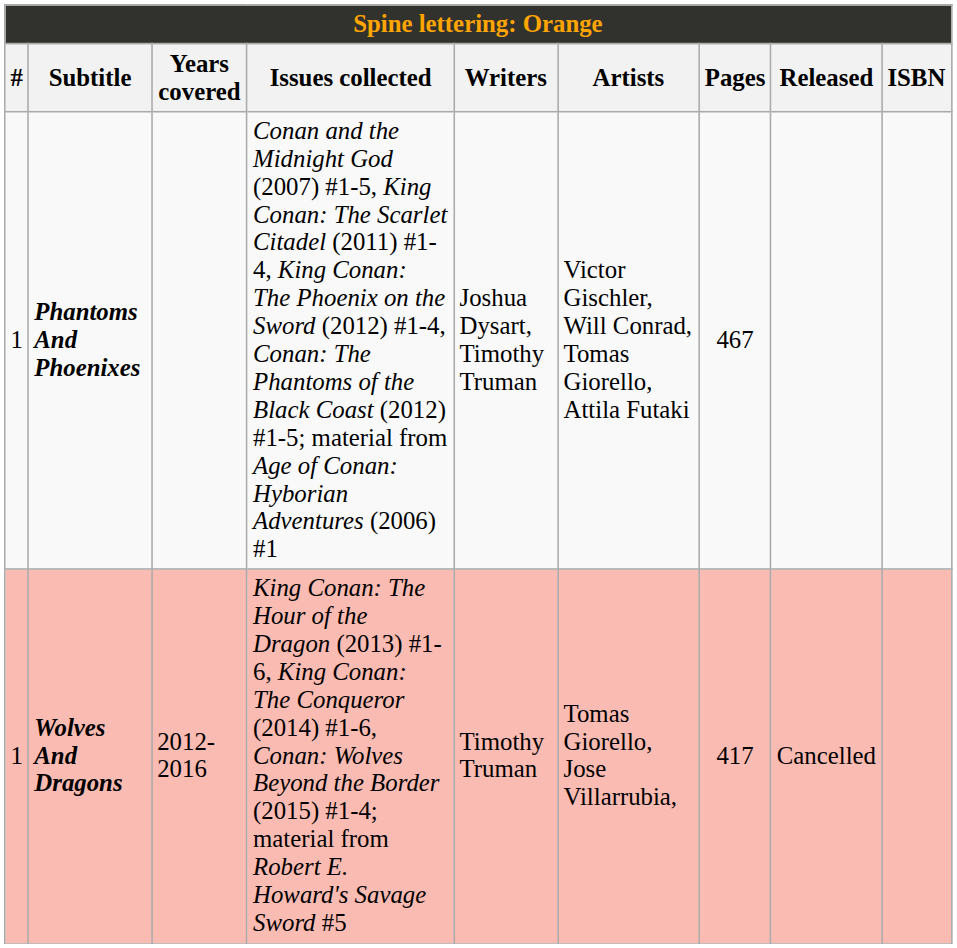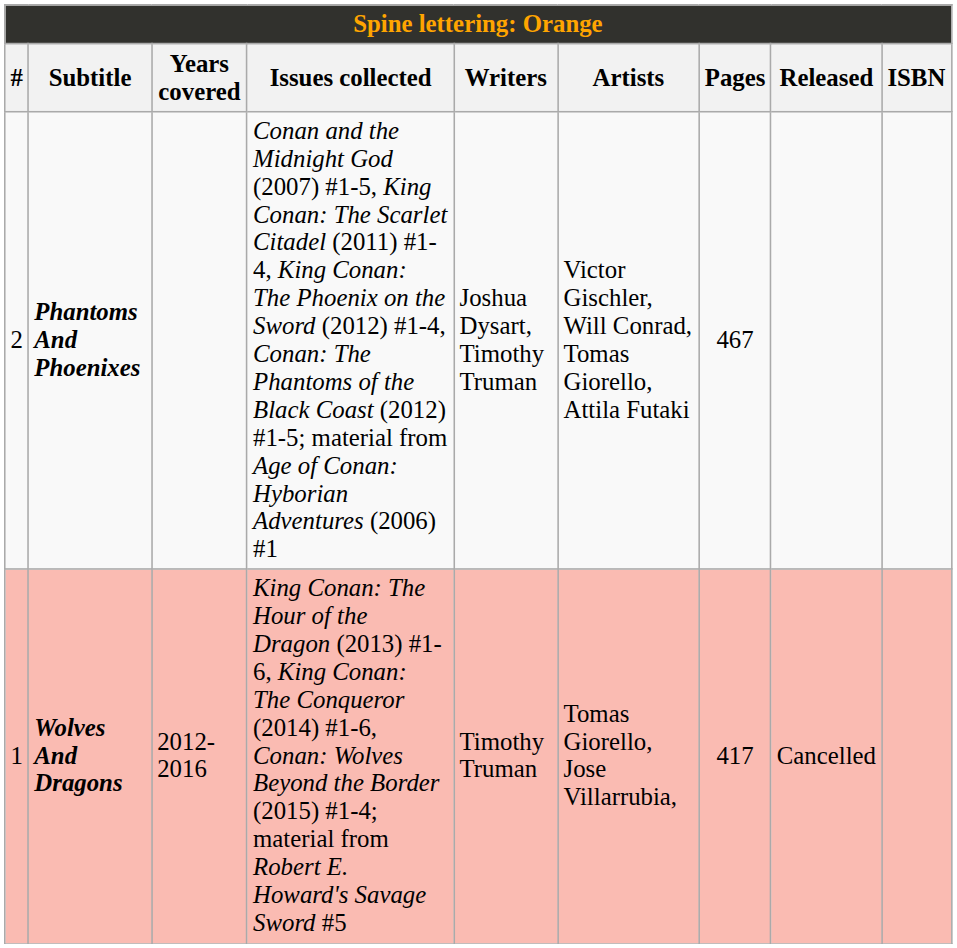 <table class="wikitable sortable" width=98%>
 <tr>
 <th colspan="9" style="background-color: #31312D; color: orange;">Spine lettering: Orange</th>
 </tr>
 <tr>
 <th class="unsortable">#</th>
 <th class="unsortable">Subtitle</th>
 <th>Years covered</th>
 <th class="unsortable">Issues collected</th>
 <th class="unsortable">Writers</th>
 <th class="unsortable">Artists</th>
 <th class="unsortable">Pages</th>
 <th>Released</th>
 <th class="unsortable">ISBN</th>
 </tr>
 <tr>
-<td>1</td>
+<td>2</td>
 <td><strong><em>Phantoms And Phoenixes</em></strong></td>
 <td></td>
 <td><em>Conan and the Midnight God</em> (2007) #1-5, <em>King Conan: The Scarlet Citadel</em> (2011) #1-4, <em>King Conan: The Phoenix on the Sword</em> (2012) #1-4, <em>Conan: The Phantoms of the Black Coast</em> (2012) #1-5; material from <em>Age of Conan: Hyborian Adventures</em> (2006) #1</td>
 <td>Joshua Dysart, Timothy Truman</td>
 <td>Victor Gischler, Will Conrad, Tomas Giorello, Attila Futaki</td>
 <td style="text-align: center;">467</td>
 <td></td>
 <td></td>
 </tr>
 <tr>
 <td style="background-color: #FABBB2">1</td>
 <td style="background-color: #FABBB2"><strong><em>Wolves And Dragons</em></strong></td>
 <td style="background-color: #FABBB2">2012-2016</td>
 <td style="background-color: #FABBB2"><em>King Conan: The Hour of the Dragon</em> (2013) #1-6, <em>King Conan: The Conqueror</em> (2014) #1-6, <em>Conan: Wolves Beyond the Border</em> (2015) #1-4; material from <em>Robert E. Howard's Savage Sword</em> #5</td>
 <td style="background-color: #FABBB2">Timothy Truman</td>
 <td style="background-color: #FABBB2">Tomas Giorello, Jose Villarrubia,</td>
 <td style="background-color: #FABBB2; text-align: center;">417</td>
 <td style="background-color: #FABBB2">Cancelled</td>
 <td style="background-color: #FABBB2"></td>
 </tr>
 </table>
